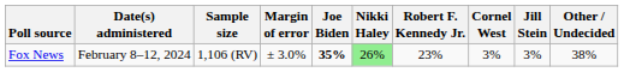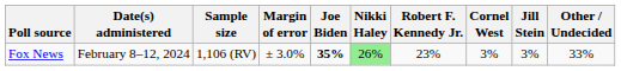 <table class="wikitable sortable mw-datatable" style="font-size:90%;text-align:center;line-height:17px">
 <tr style="vertical-align:bottom">
 <th>Poll source</th>
 <th>Date(s)<br>administered</th>
 <th>Sample<br>size</th>
 <th>Margin<br>of error</th>
 <th class="unsortable">Joe<br>Biden<br></th>
 <th class="unsortable">Nikki<br>Haley<br></th>
 <th class="unsortable">Robert F.<br>Kennedy Jr.<br></th>
 <th class="unsortable">Cornel<br>West<br></th>
 <th class="unsortable">Jill<br>Stein<br></th>
 <th class="unsortable">Other /<br>Undecided</th>
 </tr>
 <tr>
 <td style="text-align:left;"><a href='#'>Fox News</a></td>
 <td data-sort-value="2024-02-14">February 8–12, 2024</td>
 <td>1,106 (RV)</td>
 <td>± 3.0%</td>
 <td style="color:black;background-color:"><strong>35%</strong></td>
 <td style="background: lightgreen;">26%</td>
 <td>23%</td>
 <td>3%</td>
 <td>3%</td>
-<td>38%</td>
+<td>33%</td>
 </tr>
 </table>
